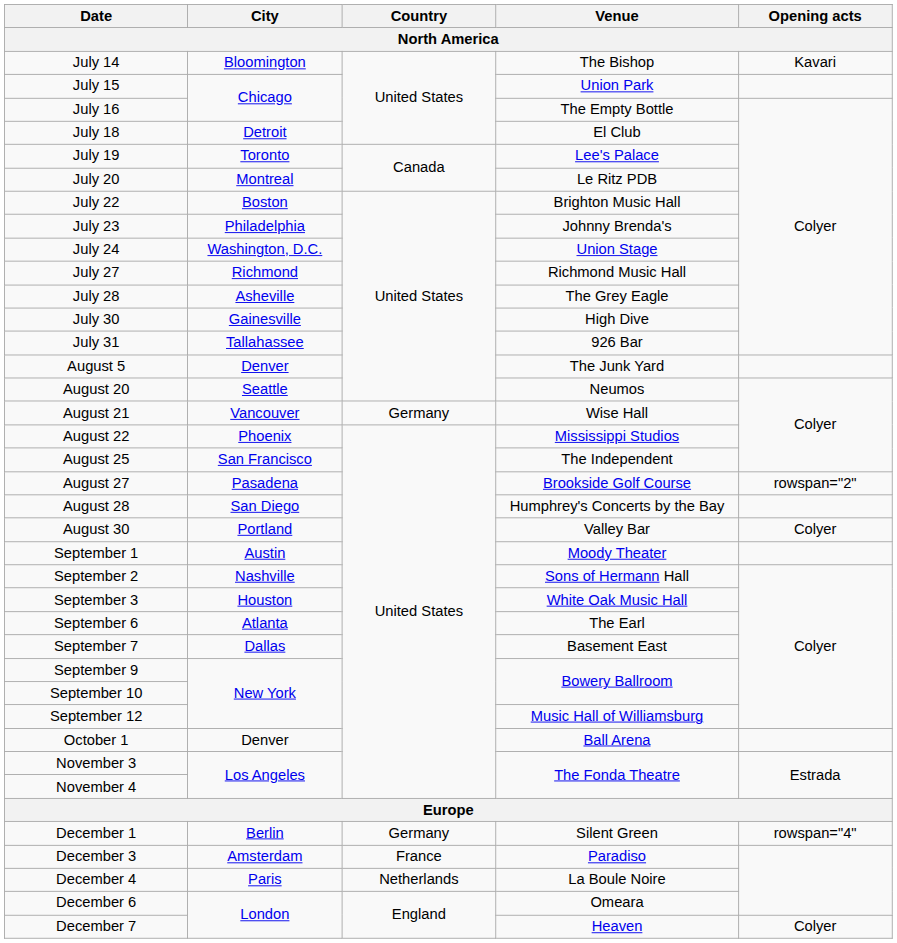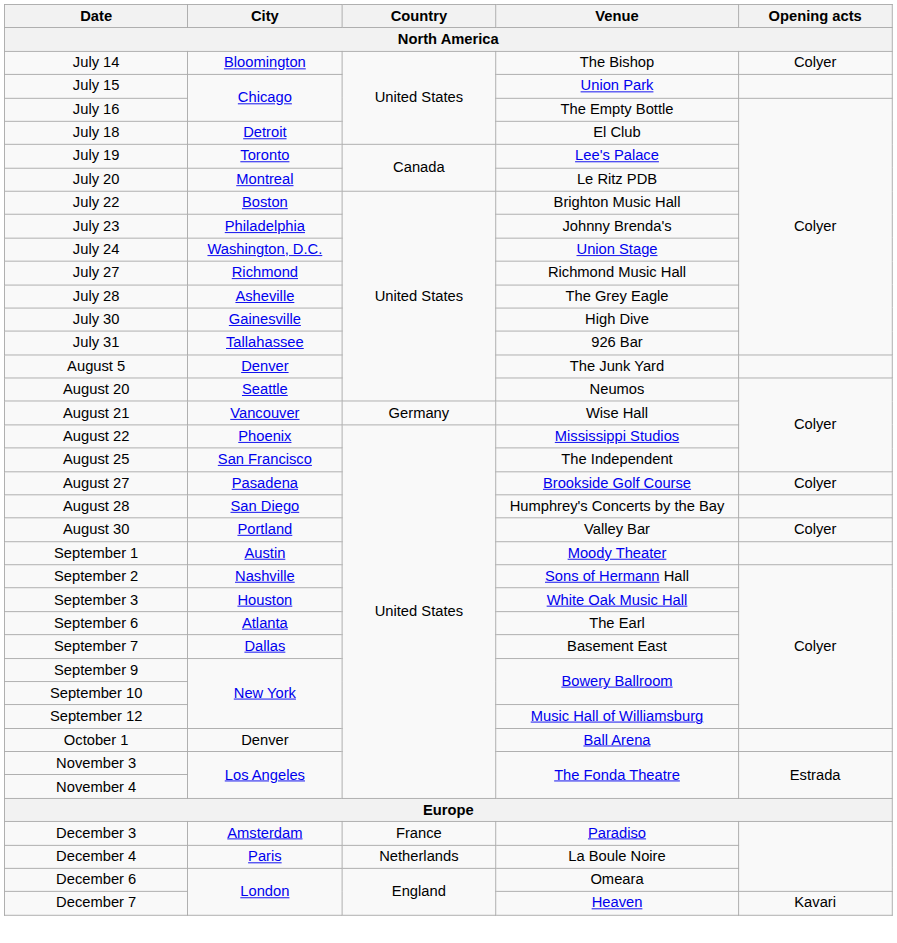 <table class="wikitable plainrowheaders" style="text-align:center;">
 <tr>
 <th scope="col" style="width:12em;">Date</th>
 <th scope="col" style="width:10em;">City</th>
 <th scope="col" style="width:10em;">Country</th>
 <th scope="col" style="width:16em;">Venue</th>
 <th scope="col" style="width:10em;">Opening acts</th>
 </tr>
 <tr>
 <th colspan="5">North America</th>
 </tr>
 <tr>
 <td>July 14</td>
 <td><a href='#'>Bloomington</a></td>
 <td rowspan="4">United States</td>
 <td>The Bishop</td>
-<td>Kavari</td>
+<td>Colyer</td>
 </tr>
 <tr>
 <td>July 15</td>
 <td rowspan="2"><a href='#'>Chicago</a></td>
 <td><a href='#'>Union Park</a></td>
 <td></td>
 </tr>
 <tr>
 <td>July 16</td>
 <td>The Empty Bottle</td>
 <td rowspan="11">Colyer</td>
 </tr>
 <tr>
 <td>July 18</td>
 <td><a href='#'>Detroit</a></td>
 <td>El Club</td>
 </tr>
 <tr>
 <td>July 19</td>
 <td><a href='#'>Toronto</a></td>
 <td rowspan="2">Canada</td>
 <td><a href='#'>Lee's Palace</a></td>
 </tr>
 <tr>
 <td>July 20</td>
 <td><a href='#'>Montreal</a></td>
 <td>Le Ritz PDB</td>
 </tr>
 <tr>
 <td>July 22</td>
 <td><a href='#'>Boston</a></td>
 <td rowspan="9">United States</td>
 <td>Brighton Music Hall</td>
 </tr>
 <tr>
 <td>July 23</td>
 <td><a href='#'>Philadelphia</a></td>
 <td>Johnny Brenda's</td>
 </tr>
 <tr>
 <td>July 24</td>
 <td><a href='#'>Washington, D.C.</a></td>
 <td><a href='#'>Union Stage</a></td>
 </tr>
 <tr>
 <td>July 27</td>
 <td><a href='#'>Richmond</a></td>
 <td>Richmond Music Hall</td>
 </tr>
 <tr>
 <td>July 28</td>
 <td><a href='#'>Asheville</a></td>
 <td>The Grey Eagle</td>
 </tr>
 <tr>
 <td>July 30</td>
 <td><a href='#'>Gainesville</a></td>
 <td>High Dive</td>
 </tr>
 <tr>
 <td>July 31</td>
 <td><a href='#'>Tallahassee</a></td>
 <td>926 Bar</td>
 </tr>
 <tr>
 <td>August 5</td>
 <td><a href='#'>Denver</a></td>
 <td>The Junk Yard</td>
 <td></td>
 </tr>
 <tr>
 <td>August 20</td>
 <td><a href='#'>Seattle</a></td>
 <td>Neumos</td>
 <td rowspan="4">Colyer</td>
 </tr>
 <tr>
 <td>August 21</td>
 <td><a href='#'>Vancouver</a></td>
 <td>Germany</td>
 <td>Wise Hall</td>
 </tr>
 <tr>
 <td>August 22</td>
 <td><a href='#'>Phoenix</a></td>
 <td rowspan="16">United States</td>
 <td><a href='#'>Mississippi Studios</a></td>
 </tr>
 <tr>
 <td>August 25</td>
 <td><a href='#'>San Francisco</a></td>
 <td>The Independent</td>
 </tr>
 <tr>
 <td>August 27</td>
 <td><a href='#'>Pasadena</a></td>
 <td><a href='#'>Brookside Golf Course</a></td>
-<td>rowspan="2" </td>
+<td>Colyer</td>
 </tr>
 <tr>
 <td>August 28</td>
 <td><a href='#'>San Diego</a></td>
 <td>Humphrey's Concerts by the Bay</td>
 </tr>
 <tr>
 <td>August 30</td>
 <td><a href='#'>Portland</a></td>
 <td>Valley Bar</td>
 <td>Colyer</td>
 </tr>
 <tr>
 <td>September 1</td>
 <td><a href='#'>Austin</a></td>
 <td><a href='#'>Moody Theater</a></td>
 <td></td>
 </tr>
 <tr>
 <td>September 2</td>
 <td><a href='#'>Nashville</a></td>
 <td><a href='#'>Sons of Hermann</a> Hall</td>
 <td rowspan="7">Colyer</td>
 </tr>
 <tr>
 <td>September 3</td>
 <td><a href='#'>Houston</a></td>
 <td><a href='#'>White Oak Music Hall</a></td>
 </tr>
 <tr>
 <td>September 6</td>
 <td><a href='#'>Atlanta</a></td>
 <td>The Earl</td>
 </tr>
 <tr>
 <td>September 7</td>
 <td><a href='#'>Dallas</a></td>
 <td>Basement East</td>
 </tr>
 <tr>
 <td>September 9</td>
 <td rowspan="3"><a href='#'>New York</a></td>
 <td rowspan="2"><a href='#'>Bowery Ballroom</a></td>
 </tr>
 <tr>
 <td>September 10</td>
 </tr>
 <tr>
 <td>September 12</td>
 <td><a href='#'>Music Hall of Williamsburg</a></td>
 </tr>
 <tr>
 <td>October 1</td>
 <td>Denver</td>
 <td><a href='#'>Ball Arena</a></td>
 <td></td>
 </tr>
 <tr>
 <td>November 3</td>
 <td rowspan="2"><a href='#'>Los Angeles</a></td>
 <td rowspan="2"><a href='#'>The Fonda Theatre</a></td>
 <td rowspan="2">Estrada</td>
 </tr>
 <tr>
 <td>November 4</td>
 </tr>
 <tr>
 <th colspan="5">Europe</th>
 </tr>
 <tr>
-<td>December 1</td>
-<td><a href='#'>Berlin</a></td>
-<td>Germany</td>
-<td>Silent Green</td>
-<td>rowspan="4" </td>
-</tr>
-<tr>
 <td>December 3</td>
 <td><a href='#'>Amsterdam</a></td>
 <td>France</td>
 <td><a href='#'>Paradiso</a></td>
 </tr>
 <tr>
 <td>December 4</td>
 <td><a href='#'>Paris</a></td>
 <td>Netherlands</td>
 <td>La Boule Noire</td>
 </tr>
 <tr>
 <td>December 6</td>
 <td rowspan="2"><a href='#'>London</a></td>
 <td rowspan="2">England</td>
 <td>Omeara</td>
 </tr>
 <tr>
 <td>December 7</td>
 <td><a href='#'>Heaven</a></td>
-<td>Colyer</td>
+<td>Kavari</td>
 </tr>
 </table>
